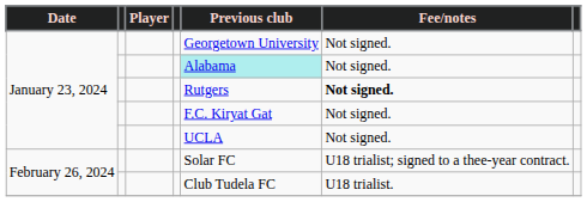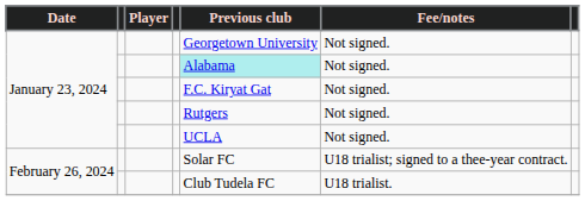 <table class="wikitable sortable" style="font-size:90%;">
 <tr>
 <th data-sort-type="date" scope="col" style="background:#202121; color:#F7D5CF; border:2px solid #898C8F;">Date</th>
 <th scope="col" style="background:#202121; color:#F7D5CF; border:2px solid #898C8F;"></th>
 <th scope="col" style="background:#202121; color:#F7D5CF; border:2px solid #898C8F;">Player</th>
 <th scope="col" style="background:#202121; color:#F7D5CF; border:2px solid #898C8F;"></th>
 <th scope="col" style="background:#202121; color:#F7D5CF; border:2px solid #898C8F;">Previous club</th>
 <th scope="col" style="background:#202121; color:#F7D5CF; border:2px solid #898C8F;">Fee/notes</th>
 <th scope="col" style="background:#202121; color:#F7D5CF; border:2px solid #898C8F;"></th>
 </tr>
 <tr>
 <td rowspan="5">January 23, 2024</td>
 <td></td>
 <td></td>
 <td></td>
 <td> <a href='#'>Georgetown University</a></td>
 <td>Not signed.</td>
 <td></td>
 </tr>
 <tr>
 <td></td>
 <td></td>
 <td></td>
 <td style="background: paleturquoise;"> <a href='#'>Alabama</a></td>
 <td>Not signed.</td>
 <td></td>
 </tr>
 <tr>
 <td></td>
 <td></td>
 <td></td>
-<td> <a href='#'>Rutgers</a></td>
-<td><strong>Not signed.</strong></td>
+<td> <a href='#'>F.C. Kiryat Gat</a></td>
+<td>Not signed.</td>
 <td></td>
 </tr>
 <tr>
 <td></td>
 <td></td>
 <td></td>
-<td> <a href='#'>F.C. Kiryat Gat</a></td>
+<td> <a href='#'>Rutgers</a></td>
 <td>Not signed.</td>
 <td></td>
 </tr>
 <tr>
 <td></td>
 <td></td>
 <td></td>
 <td> <a href='#'>UCLA</a></td>
 <td>Not signed.</td>
 <td></td>
 </tr>
 <tr>
 <td rowspan="2">February 26, 2024</td>
 <td></td>
 <td></td>
 <td></td>
 <td> Solar FC</td>
 <td>U18 trialist; signed to a thee-year contract.</td>
 <td></td>
 </tr>
 <tr>
 <td></td>
 <td></td>
 <td></td>
 <td> Club Tudela FC</td>
 <td>U18 trialist.</td>
 <td></td>
 </tr>
 <tr>
 </tr>
 </table>
